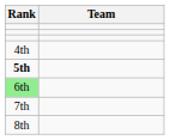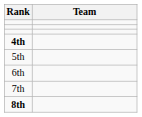 <table class=wikitable style="text-align:center;">
 <tr>
 <th>Rank</th>
 <th width=162>Team</th>
 </tr>
 <tr>
 <td></td>
 <td align=left></td>
 </tr>
 <tr>
 <td></td>
 <td align=left></td>
 </tr>
 <tr>
 <td></td>
 <td align=left></td>
 </tr>
 <tr>
-<td>4th</td>
+<td><strong>4th</strong></td>
 <td align=left></td>
 </tr>
 <tr>
-<td><strong>5th</strong></td>
+<td>5th</td>
 <td align=left></td>
 </tr>
 <tr>
-<td style="background: lightgreen;">6th</td>
+<td>6th</td>
 <td align=left></td>
 </tr>
 <tr>
 <td>7th</td>
 <td align=left></td>
 </tr>
 <tr>
-<td>8th</td>
+<td><strong>8th</strong></td>
 <td align=left></td>
 </tr>
 </table>
